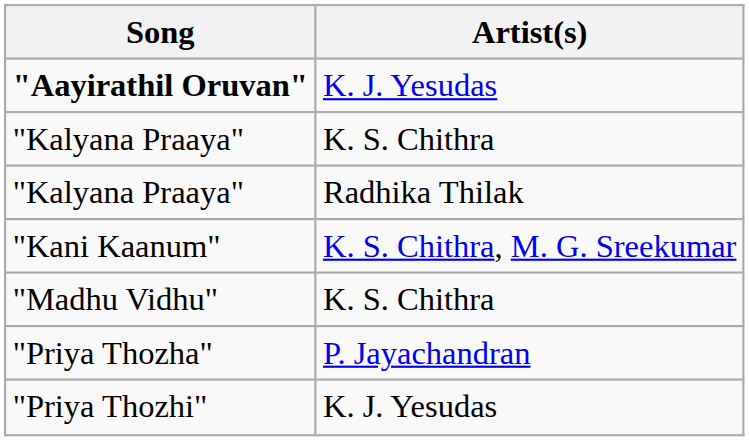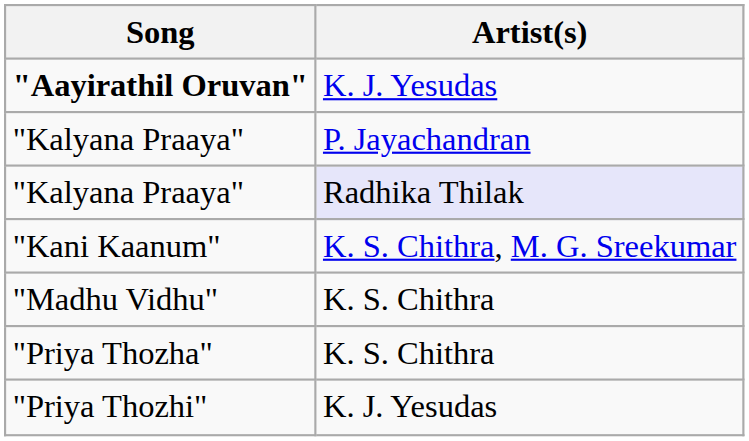 <table class="wikitable" style="font-size:95%;">
 <tr>
 <th>Song</th>
 <th>Artist(s)</th>
 </tr>
 <tr>
 <td><strong>"Aayirathil Oruvan"</strong></td>
 <td><a href='#'>K. J. Yesudas</a></td>
 </tr>
 <tr>
 <td>"Kalyana Praaya"</td>
-<td>K. S. Chithra</td>
+<td><a href='#'>P. Jayachandran</a></td>
 </tr>
 <tr>
 <td>"Kalyana Praaya"</td>
-<td>Radhika Thilak</td>
+<td style="background: lavender;">Radhika Thilak</td>
 </tr>
 <tr>
 <td>"Kani Kaanum"</td>
 <td><a href='#'>K. S. Chithra</a>, <a href='#'>M. G. Sreekumar</a></td>
 </tr>
 <tr>
 <td>"Madhu Vidhu"</td>
 <td>K. S. Chithra</td>
 </tr>
 <tr>
 <td>"Priya Thozha"</td>
-<td><a href='#'>P. Jayachandran</a></td>
+<td>K. S. Chithra</td>
 </tr>
 <tr>
 <td>"Priya Thozhi"</td>
 <td>K. J. Yesudas</td>
 </tr>
 </table>
